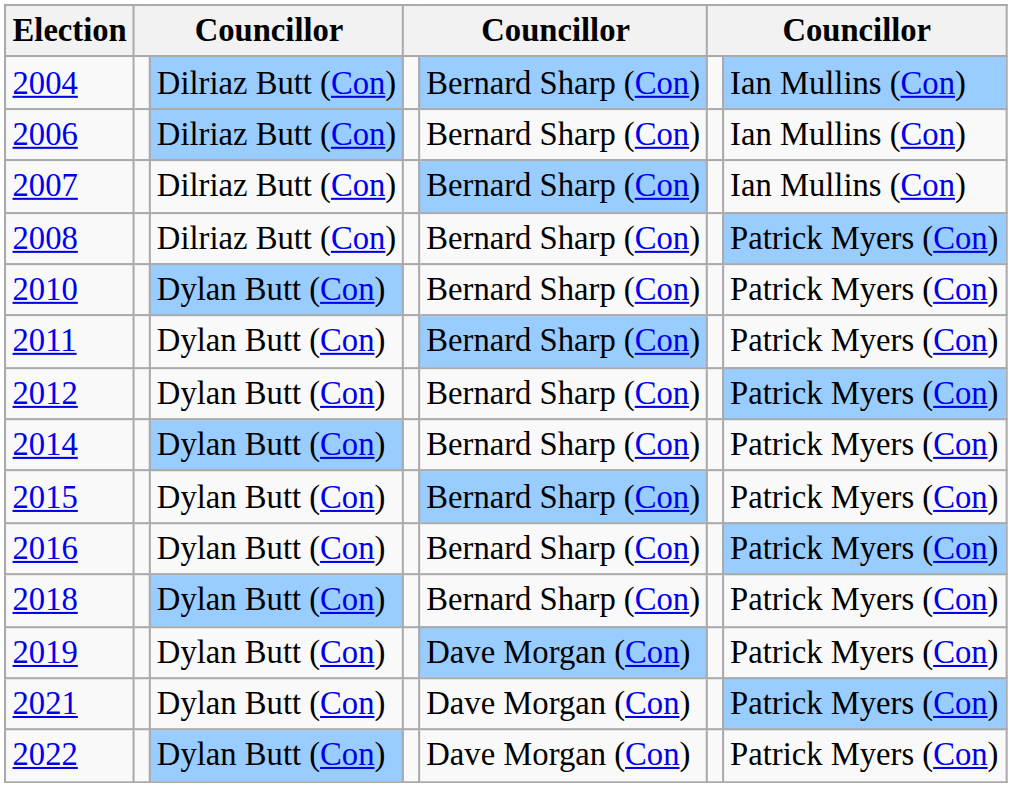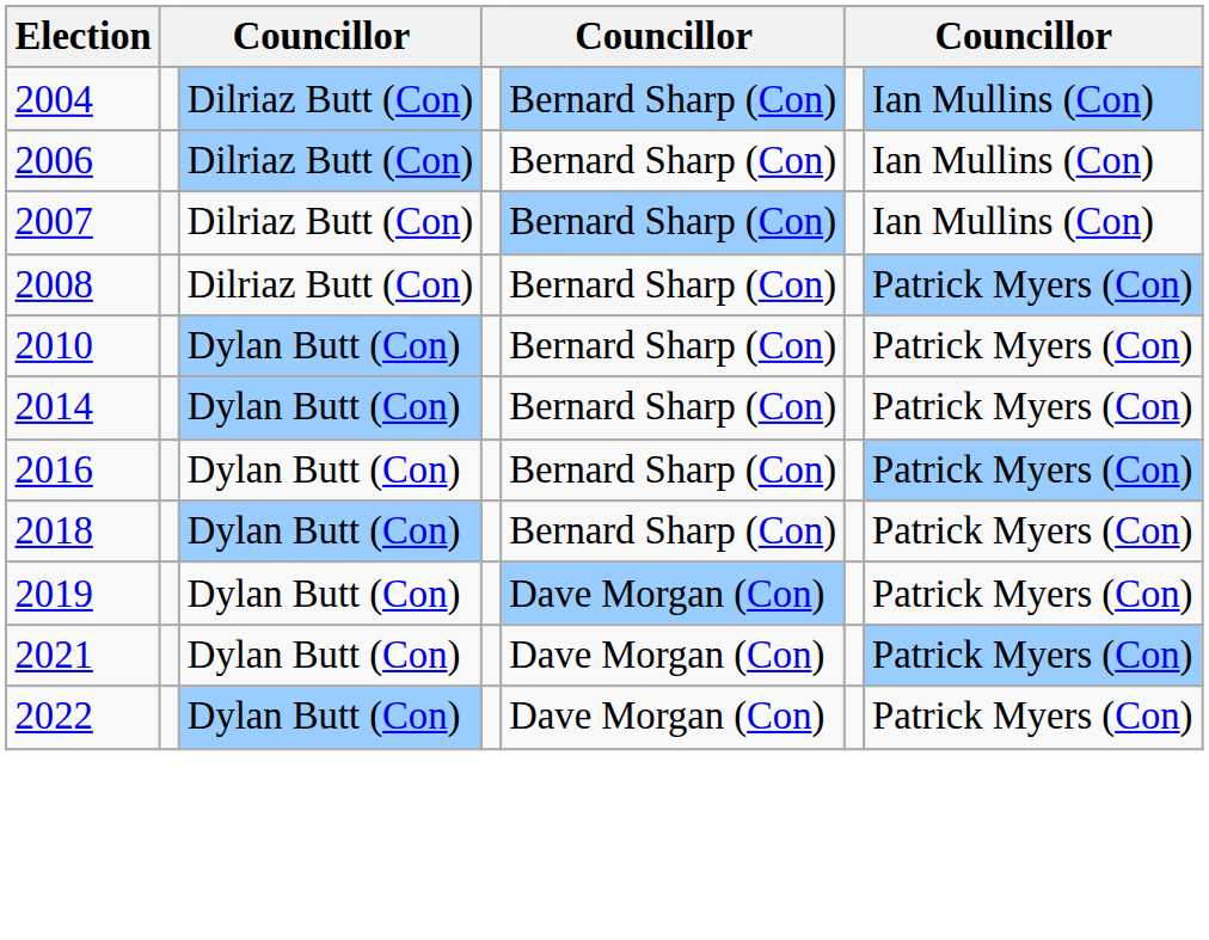 <table class="wikitable">
 <tr>
 <th>Election</th>
 <th colspan="2">Councillor</th>
 <th colspan="2">Councillor</th>
 <th colspan="2">Councillor</th>
 </tr>
 <tr>
 <td><a href='#'>2004</a></td>
 <td style="background-color: "></td>
 <td bgcolor="#99CCFF">Dilriaz Butt (<a href='#'>Con</a>)</td>
 <td style="background-color: "></td>
 <td bgcolor="#99CCFF">Bernard Sharp (<a href='#'>Con</a>)</td>
 <td style="background-color: "></td>
 <td bgcolor="#99CCFF">Ian Mullins (<a href='#'>Con</a>)</td>
 </tr>
 <tr>
 <td><a href='#'>2006</a></td>
 <td style="background-color: "></td>
 <td bgcolor="#99CCFF">Dilriaz Butt (<a href='#'>Con</a>)</td>
 <td style="background-color: "></td>
 <td>Bernard Sharp (<a href='#'>Con</a>)</td>
 <td style="background-color: "></td>
 <td>Ian Mullins (<a href='#'>Con</a>)</td>
 </tr>
 <tr>
 <td><a href='#'>2007</a></td>
 <td style="background-color: "></td>
 <td>Dilriaz Butt (<a href='#'>Con</a>)</td>
 <td style="background-color: "></td>
 <td bgcolor="#99CCFF">Bernard Sharp (<a href='#'>Con</a>)</td>
 <td style="background-color: "></td>
 <td>Ian Mullins (<a href='#'>Con</a>)</td>
 </tr>
 <tr>
 <td><a href='#'>2008</a></td>
 <td style="background-color: "></td>
 <td>Dilriaz Butt (<a href='#'>Con</a>)</td>
 <td style="background-color: "></td>
 <td>Bernard Sharp (<a href='#'>Con</a>)</td>
 <td style="background-color: "></td>
 <td bgcolor="#99CCFF">Patrick Myers (<a href='#'>Con</a>)</td>
 </tr>
 <tr>
 <td><a href='#'>2010</a></td>
 <td style="background-color: "></td>
 <td bgcolor="#99CCFF">Dylan Butt (<a href='#'>Con</a>)</td>
 <td style="background-color: "></td>
 <td>Bernard Sharp (<a href='#'>Con</a>)</td>
 <td style="background-color: "></td>
 <td>Patrick Myers (<a href='#'>Con</a>)</td>
 </tr>
 <tr>
-<td><a href='#'>2011</a></td>
-<td style="background-color: "></td>
-<td>Dylan Butt (<a href='#'>Con</a>)</td>
-<td style="background-color: "></td>
-<td bgcolor="#99CCFF">Bernard Sharp (<a href='#'>Con</a>)</td>
-<td style="background-color: "></td>
-<td>Patrick Myers (<a href='#'>Con</a>)</td>
-</tr>
-<tr>
-<td><a href='#'>2012</a></td>
-<td style="background-color: "></td>
-<td>Dylan Butt (<a href='#'>Con</a>)</td>
-<td style="background-color: "></td>
-<td>Bernard Sharp (<a href='#'>Con</a>)</td>
-<td style="background-color: "></td>
-<td bgcolor="#99CCFF">Patrick Myers (<a href='#'>Con</a>)</td>
-</tr>
-<tr>
 <td><a href='#'>2014</a></td>
 <td style="background-color: "></td>
 <td bgcolor="#99CCFF">Dylan Butt (<a href='#'>Con</a>)</td>
 <td style="background-color: "></td>
 <td>Bernard Sharp (<a href='#'>Con</a>)</td>
-<td style="background-color: "></td>
-<td>Patrick Myers (<a href='#'>Con</a>)</td>
-</tr>
-<tr>
-<td><a href='#'>2015</a></td>
-<td style="background-color: "></td>
-<td>Dylan Butt (<a href='#'>Con</a>)</td>
-<td style="background-color: "></td>
-<td bgcolor="#99CCFF">Bernard Sharp (<a href='#'>Con</a>)</td>
 <td style="background-color: "></td>
 <td>Patrick Myers (<a href='#'>Con</a>)</td>
 </tr>
 <tr>
 <td><a href='#'>2016</a></td>
 <td style="background-color: "></td>
 <td>Dylan Butt (<a href='#'>Con</a>)</td>
 <td style="background-color: "></td>
 <td>Bernard Sharp (<a href='#'>Con</a>)</td>
 <td style="background-color: "></td>
 <td bgcolor="#99CCFF">Patrick Myers (<a href='#'>Con</a>)</td>
 </tr>
 <tr>
 <td><a href='#'>2018</a></td>
 <td style="background-color: "></td>
 <td bgcolor="#99CCFF">Dylan Butt (<a href='#'>Con</a>)</td>
 <td style="background-color: "></td>
 <td>Bernard Sharp (<a href='#'>Con</a>)</td>
 <td style="background-color: "></td>
 <td>Patrick Myers (<a href='#'>Con</a>)</td>
 </tr>
 <tr>
 <td><a href='#'>2019</a></td>
 <td style="background-color: "></td>
 <td>Dylan Butt (<a href='#'>Con</a>)</td>
 <td style="background-color: "></td>
 <td bgcolor="#99CCFF">Dave Morgan (<a href='#'>Con</a>)</td>
 <td style="background-color: "></td>
 <td>Patrick Myers (<a href='#'>Con</a>)</td>
 </tr>
 <tr>
 <td><a href='#'>2021</a></td>
 <td style="background-color: "></td>
 <td>Dylan Butt (<a href='#'>Con</a>)</td>
 <td style="background-color: "></td>
 <td>Dave Morgan (<a href='#'>Con</a>)</td>
 <td style="background-color: "></td>
 <td bgcolor="#99CCFF">Patrick Myers (<a href='#'>Con</a>)</td>
 </tr>
 <tr>
 <td><a href='#'>2022</a></td>
 <td style="background-color: "></td>
 <td bgcolor="#99CCFF">Dylan Butt (<a href='#'>Con</a>)</td>
 <td style="background-color: "></td>
 <td>Dave Morgan (<a href='#'>Con</a>)</td>
 <td style="background-color: "></td>
 <td>Patrick Myers (<a href='#'>Con</a>)</td>
 </tr>
 </table>
